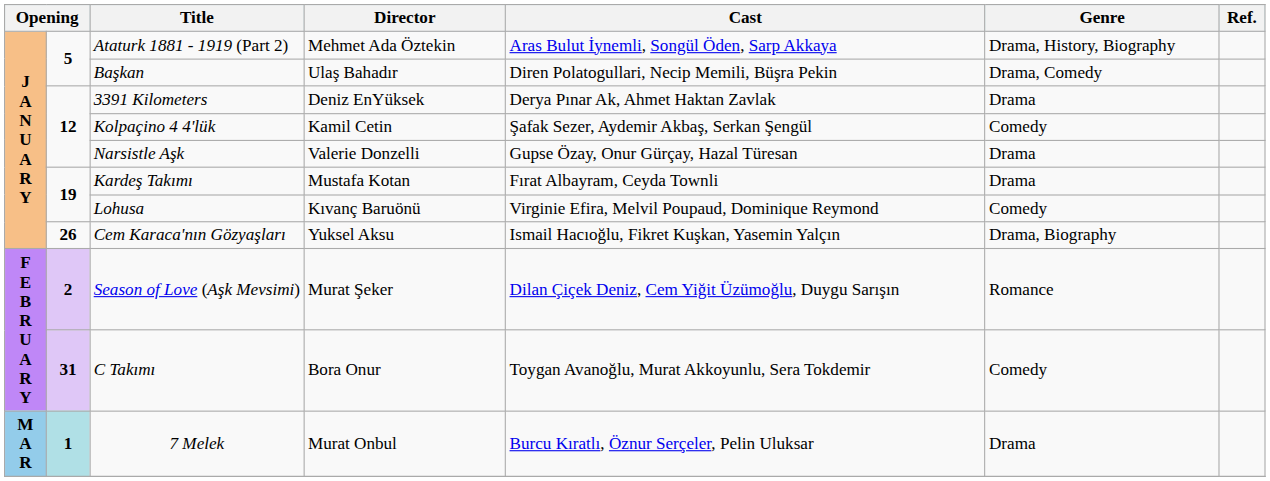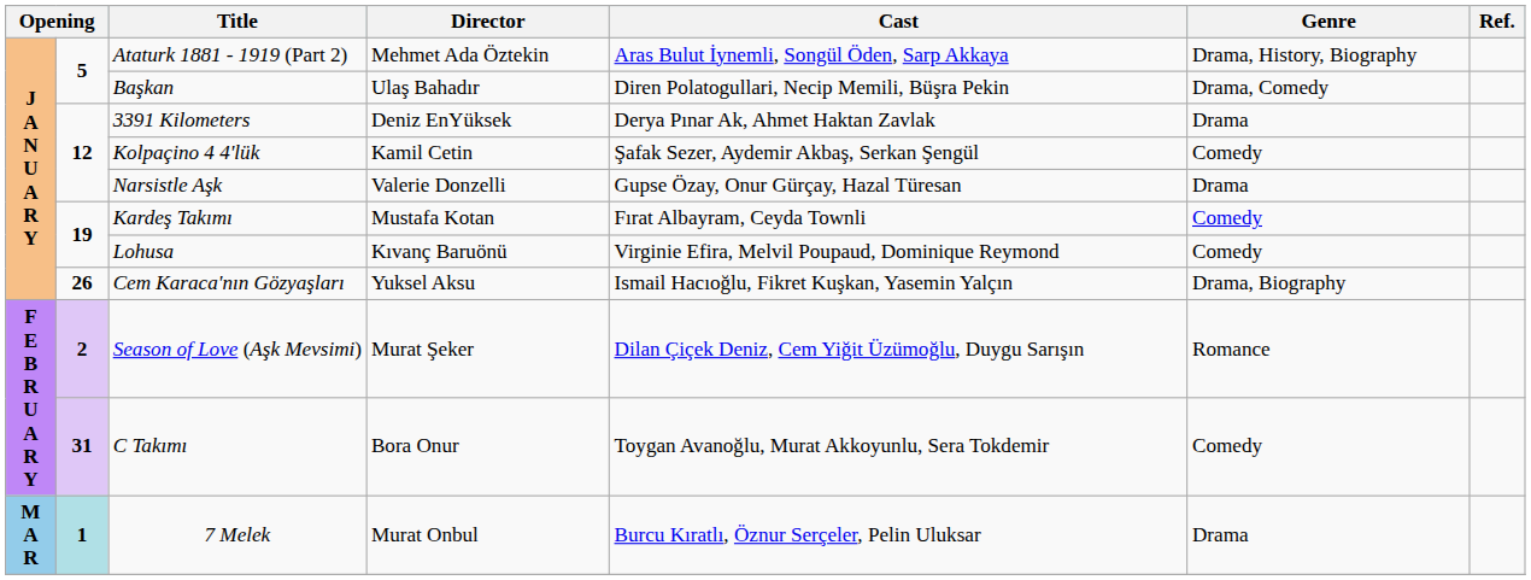 <table class="wikitable sortable">
 <tr style="background:#b0e0e6; text-align:center;">
 <th colspan="2">Opening</th>
 <th style="width:17%;">Title</th>
 <th style="width:16%;">Director</th>
 <th>Cast</th>
 <th>Genre</th>
 <th>Ref.</th>
 </tr>
 <tr>
 <th rowspan="8" style="text-align:center; background:#f7bf87; ">J<br>A<br>N<br>U<br>A<br>R<br>Y</th>
 <td rowspan="2" style="text-align:center" style="text-align:center; background:#f7dfc7"><strong>5</strong></td>
 <td><em>Ataturk 1881 - 1919</em> (Part 2)</td>
 <td>Mehmet Ada Öztekin</td>
 <td><a href='#'>Aras Bulut İynemli</a>, <a href='#'>Songül Öden</a>, <a href='#'>Sarp Akkaya</a></td>
 <td>Drama, History, Biography</td>
 <td align="center"></td>
 </tr>
 <tr>
 <td><em>Başkan</em></td>
 <td>Ulaş Bahadır</td>
 <td>Diren Polatogullari, Necip Memili, Büşra Pekin</td>
 <td>Drama, Comedy</td>
 <td align="center"></td>
 </tr>
 <tr>
 <td rowspan="3" style="text-align:center" style="text-align:center; background:#f7dfc7"><strong>12</strong></td>
 <td><em>3391 Kilometers</em></td>
 <td>Deniz EnYüksek</td>
 <td>Derya Pınar Ak, Ahmet Haktan Zavlak</td>
 <td>Drama</td>
 <td align="center"></td>
 </tr>
 <tr>
 <td><em>Kolpaçino 4 4'lük</em></td>
 <td>Kamil Cetin</td>
 <td>Şafak Sezer, Aydemir Akbaş, Serkan Şengül</td>
 <td>Comedy</td>
 <td align="center"></td>
 </tr>
 <tr>
 <td><em>Narsistle Aşk</em></td>
 <td>Valerie Donzelli</td>
 <td>Gupse Özay, Onur Gürçay, Hazal Türesan</td>
 <td>Drama</td>
 <td align="center"></td>
 </tr>
 <tr>
 <td rowspan="2" style="text-align:center" style="text-align:center; background:#f7dfc7"><strong>19</strong></td>
 <td><em>Kardeş Takımı</em></td>
 <td>Mustafa Kotan</td>
 <td>Fırat Albayram, Ceyda Townli</td>
-<td>Drama</td>
+<td><a href='#'>Comedy</a></td>
 <td align="center"></td>
 </tr>
 <tr>
 <td><em>Lohusa</em></td>
 <td>Kıvanç Baruönü</td>
 <td>Virginie Efira, Melvil Poupaud, Dominique Reymond</td>
 <td>Comedy</td>
 <td align="center"></td>
 </tr>
 <tr>
 <td rowspan="1" style="text-align:center" style="text-align:center; background:#f7dfc7"><strong>26</strong></td>
 <td><em>Cem Karaca'nın Gözyaşları</em></td>
 <td>Yuksel Aksu</td>
 <td>Ismail Hacıoğlu, Fikret Kuşkan, Yasemin Yalçın</td>
 <td>Drama, Biography</td>
 <td align="center"></td>
 </tr>
 <tr>
 <th rowspan="2" style="text-align:center; background:#bf87f7; textcolor:#000;">F<br>E<br>B<br>R<br>U<br>A<br>R<br>Y</th>
 <td rowspan="1" style="text-align:center;background:#dfc7f7"><strong>2</strong></td>
 <td><em><a href='#'>Season of Love</a></em> (<em>Aşk Mevsimi</em>)</td>
 <td>Murat Şeker</td>
 <td><a href='#'>Dilan Çiçek Deniz</a>, <a href='#'>Cem Yiğit Üzümoğlu</a>, Duygu Sarışın</td>
 <td>Romance</td>
 <td></td>
 </tr>
 <tr>
 <td rowspan="1" style="text-align:center;background:#dfc7f7"><strong>31</strong></td>
 <td><em>C Takımı</em></td>
 <td>Bora Onur</td>
 <td>Toygan Avanoğlu, Murat Akkoyunlu, Sera Tokdemir</td>
 <td>Comedy</td>
 <td></td>
 </tr>
 <tr>
 <td rowspan="1" style="text-align:center; background:#93CCEA; textcolor:#000;"><strong>M<br>A<br>R</strong></td>
 <td style="text-align:center;background:#B0E0E6;"><strong>1</strong></td>
 <td style="text-align:center;"><em>7 Melek</em></td>
 <td>Murat Onbul</td>
 <td><a href='#'>Burcu Kıratlı</a>, <a href='#'>Öznur Serçeler</a>, Pelin Uluksar</td>
 <td>Drama</td>
 <td></td>
 </tr>
 <tr>
 </tr>
 </table>
